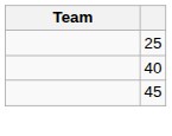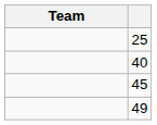 <table class="wikitable" style="white-space:nowrap; display:inline-table; float:left;">
 <tr>
 <th style="width:130px">Team</th>
 <th></th>
 </tr>
 <tr>
 <td></td>
 <td style="text-align:center">25</td>
 </tr>
 <tr>
 <td></td>
 <td style="text-align:center">40</td>
 </tr>
 <tr>
 <td></td>
 <td style="text-align:center">45</td>
 </tr>
+<tr>
+<td></td>
+<td style="text-align:center">49</td>
+</tr>
 </table>
